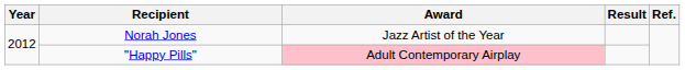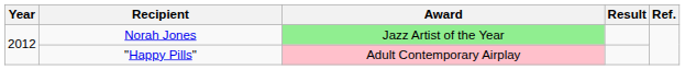 <table class="wikitable">
 <tr>
 <th width="5">Year</th>
 <th style="width:300px;">Recipient</th>
 <th style="width:400px;">Award</th>
 <th width="10">Result</th>
 <th width:"5%">Ref.</th>
 </tr>
 <tr>
 <td style="text-align:center;" rowspan="2">2012</td>
 <td style="text-align:center;"><a href='#'>Norah Jones</a></td>
-<td style="text-align:center;">Jazz Artist of the Year</td>
+<td style="background: lightgreen; text-align:center;">Jazz Artist of the Year</td>
 <td></td>
 <td rowspan="2"></td>
 </tr>
 <tr>
 <td style="text-align:center;">"<a href='#'>Happy Pills</a>"</td>
 <td style="background: pink; text-align:center;">Adult Contemporary Airplay</td>
 <td></td>
 </tr>
 </table>
